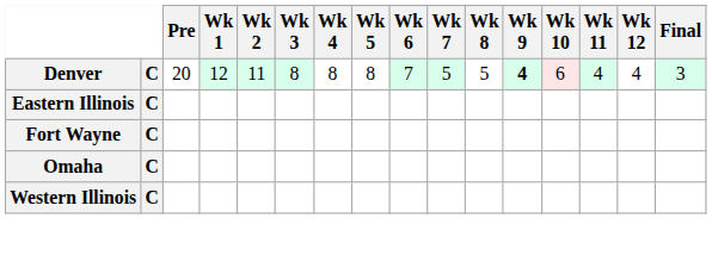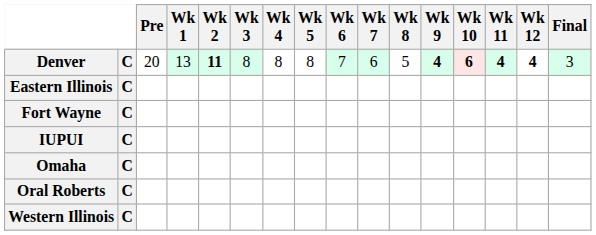 <table class="wikitable" style="white-space:nowrap;font-size:90%;">
 <tr>
 <th colspan=2 style="background:white; border-top-style:hidden; border-left-style:hidden;"> </th>
 <th>Pre</th>
 <th>Wk<br>1</th>
 <th>Wk<br>2</th>
 <th>Wk<br>3</th>
 <th>Wk<br>4</th>
 <th>Wk<br>5</th>
 <th>Wk<br>6</th>
 <th>Wk<br>7</th>
 <th>Wk<br>8</th>
 <th>Wk<br>9</th>
 <th>Wk<br>10</th>
 <th>Wk<br>11</th>
 <th>Wk<br>12</th>
 <th>Final</th>
 </tr>
 <tr style="text-align:center;">
 <th>Denver</th>
 <th>C</th>
 <td style="background:#FFF;"> 20</td>
-<td style="background:#D8FFEB;"> 12</td>
-<td style="background:#D8FFEB;"> 11</td>
+<td style="background:#D8FFEB;"> 13</td>
+<td style="background:#D8FFEB;"><strong> 11</strong></td>
 <td style="background:#D8FFEB;"> 8</td>
 <td style="background:#FFF;"> 8</td>
 <td style="background:#FFF;"> 8</td>
 <td style="background:#D8FFEB;"> 7</td>
-<td style="background:#D8FFEB;"> 5</td>
+<td style="background:#D8FFEB;"> 6</td>
 <td style="background:#FFF;"> 5</td>
 <td style="background:#D8FFEB;"><strong> 4</strong></td>
-<td style="background:#FFE6E6;"> 6</td>
-<td style="background:#D8FFEB;"> 4</td>
-<td style="background:#FFF;"> 4</td>
+<td style="background:#FFE6E6;"><strong> 6</strong></td>
+<td style="background:#D8FFEB;"><strong> 4</strong></td>
+<td style="background:#FFF;"><strong> 4</strong></td>
 <td style="background:#D8FFEB;"> 3</td>
 </tr>
 <tr style="text-align:center;">
 <th>Eastern Illinois</th>
 <th>C</th>
 <td style="background:#FFF;"></td>
 <td style="background:#FFF;"></td>
 <td style="background:#FFF;"></td>
 <td style="background:#FFF;"></td>
 <td style="background:#FFF;"></td>
 <td style="background:#FFF;"></td>
 <td style="background:#FFF;"></td>
 <td style="background:#FFF;"></td>
 <td style="background:#FFF;"></td>
 <td style="background:#FFF;"></td>
 <td style="background:#FFF;"></td>
 <td style="background:#FFF;"></td>
 <td style="background:#FFF;"></td>
 <td style="background:#FFF;"></td>
 </tr>
 <tr style="text-align:center;">
 <th>Fort Wayne</th>
 <th>C</th>
 <td style="background:#FFF;"></td>
 <td style="background:#FFF;"></td>
 <td style="background:#FFF;"></td>
 <td style="background:#FFF;"></td>
 <td style="background:#FFF;"></td>
 <td style="background:#FFF;"></td>
 <td style="background:#FFF;"></td>
 <td style="background:#FFF;"></td>
 <td style="background:#FFF;"></td>
 <td style="background:#FFF;"></td>
 <td style="background:#FFF;"></td>
 <td style="background:#FFF;"></td>
 <td style="background:#FFF;"></td>
 <td style="background:#FFF;"></td>
 </tr>
 <tr style="text-align:center;">
+<th>IUPUI</th>
+<th>C</th>
+<td style="background:#FFF;"></td>
+<td style="background:#FFF;"></td>
+<td style="background:#FFF;"></td>
+<td style="background:#FFF;"></td>
+<td style="background:#FFF;"></td>
+<td style="background:#FFF;"></td>
+<td style="background:#FFF;"></td>
+<td style="background:#FFF;"></td>
+<td style="background:#FFF;"></td>
+<td style="background:#FFF;"></td>
+<td style="background:#FFF;"></td>
+<td style="background:#FFF;"></td>
+<td style="background:#FFF;"></td>
+<td style="background:#FFF;"></td>
+</tr>
+<tr style="text-align:center;">
 <th>Omaha</th>
+<th>C</th>
+<td style="background:#FFF;"></td>
+<td style="background:#FFF;"></td>
+<td style="background:#FFF;"></td>
+<td style="background:#FFF;"></td>
+<td style="background:#FFF;"></td>
+<td style="background:#FFF;"></td>
+<td style="background:#FFF;"></td>
+<td style="background:#FFF;"></td>
+<td style="background:#FFF;"></td>
+<td style="background:#FFF;"></td>
+<td style="background:#FFF;"></td>
+<td style="background:#FFF;"></td>
+<td style="background:#FFF;"></td>
+<td style="background:#FFF;"></td>
+</tr>
+<tr style="text-align:center;">
+<th>Oral Roberts</th>
 <th>C</th>
 <td style="background:#FFF;"></td>
 <td style="background:#FFF;"></td>
 <td style="background:#FFF;"></td>
 <td style="background:#FFF;"></td>
 <td style="background:#FFF;"></td>
 <td style="background:#FFF;"></td>
 <td style="background:#FFF;"></td>
 <td style="background:#FFF;"></td>
 <td style="background:#FFF;"></td>
 <td style="background:#FFF;"></td>
 <td style="background:#FFF;"></td>
 <td style="background:#FFF;"></td>
 <td style="background:#FFF;"></td>
 <td style="background:#FFF;"></td>
 </tr>
 <tr style="text-align:center;">
 <th>Western Illinois</th>
 <th>C</th>
 <td style="background:#FFF;"></td>
 <td style="background:#FFF;"></td>
 <td style="background:#FFF;"></td>
 <td style="background:#FFF;"></td>
 <td style="background:#FFF;"></td>
 <td style="background:#FFF;"></td>
 <td style="background:#FFF;"></td>
 <td style="background:#FFF;"></td>
 <td style="background:#FFF;"></td>
 <td style="background:#FFF;"></td>
 <td style="background:#FFF;"></td>
 <td style="background:#FFF;"></td>
 <td style="background:#FFF;"></td>
 <td style="background:#FFF;"></td>
 </tr>
 </table>
